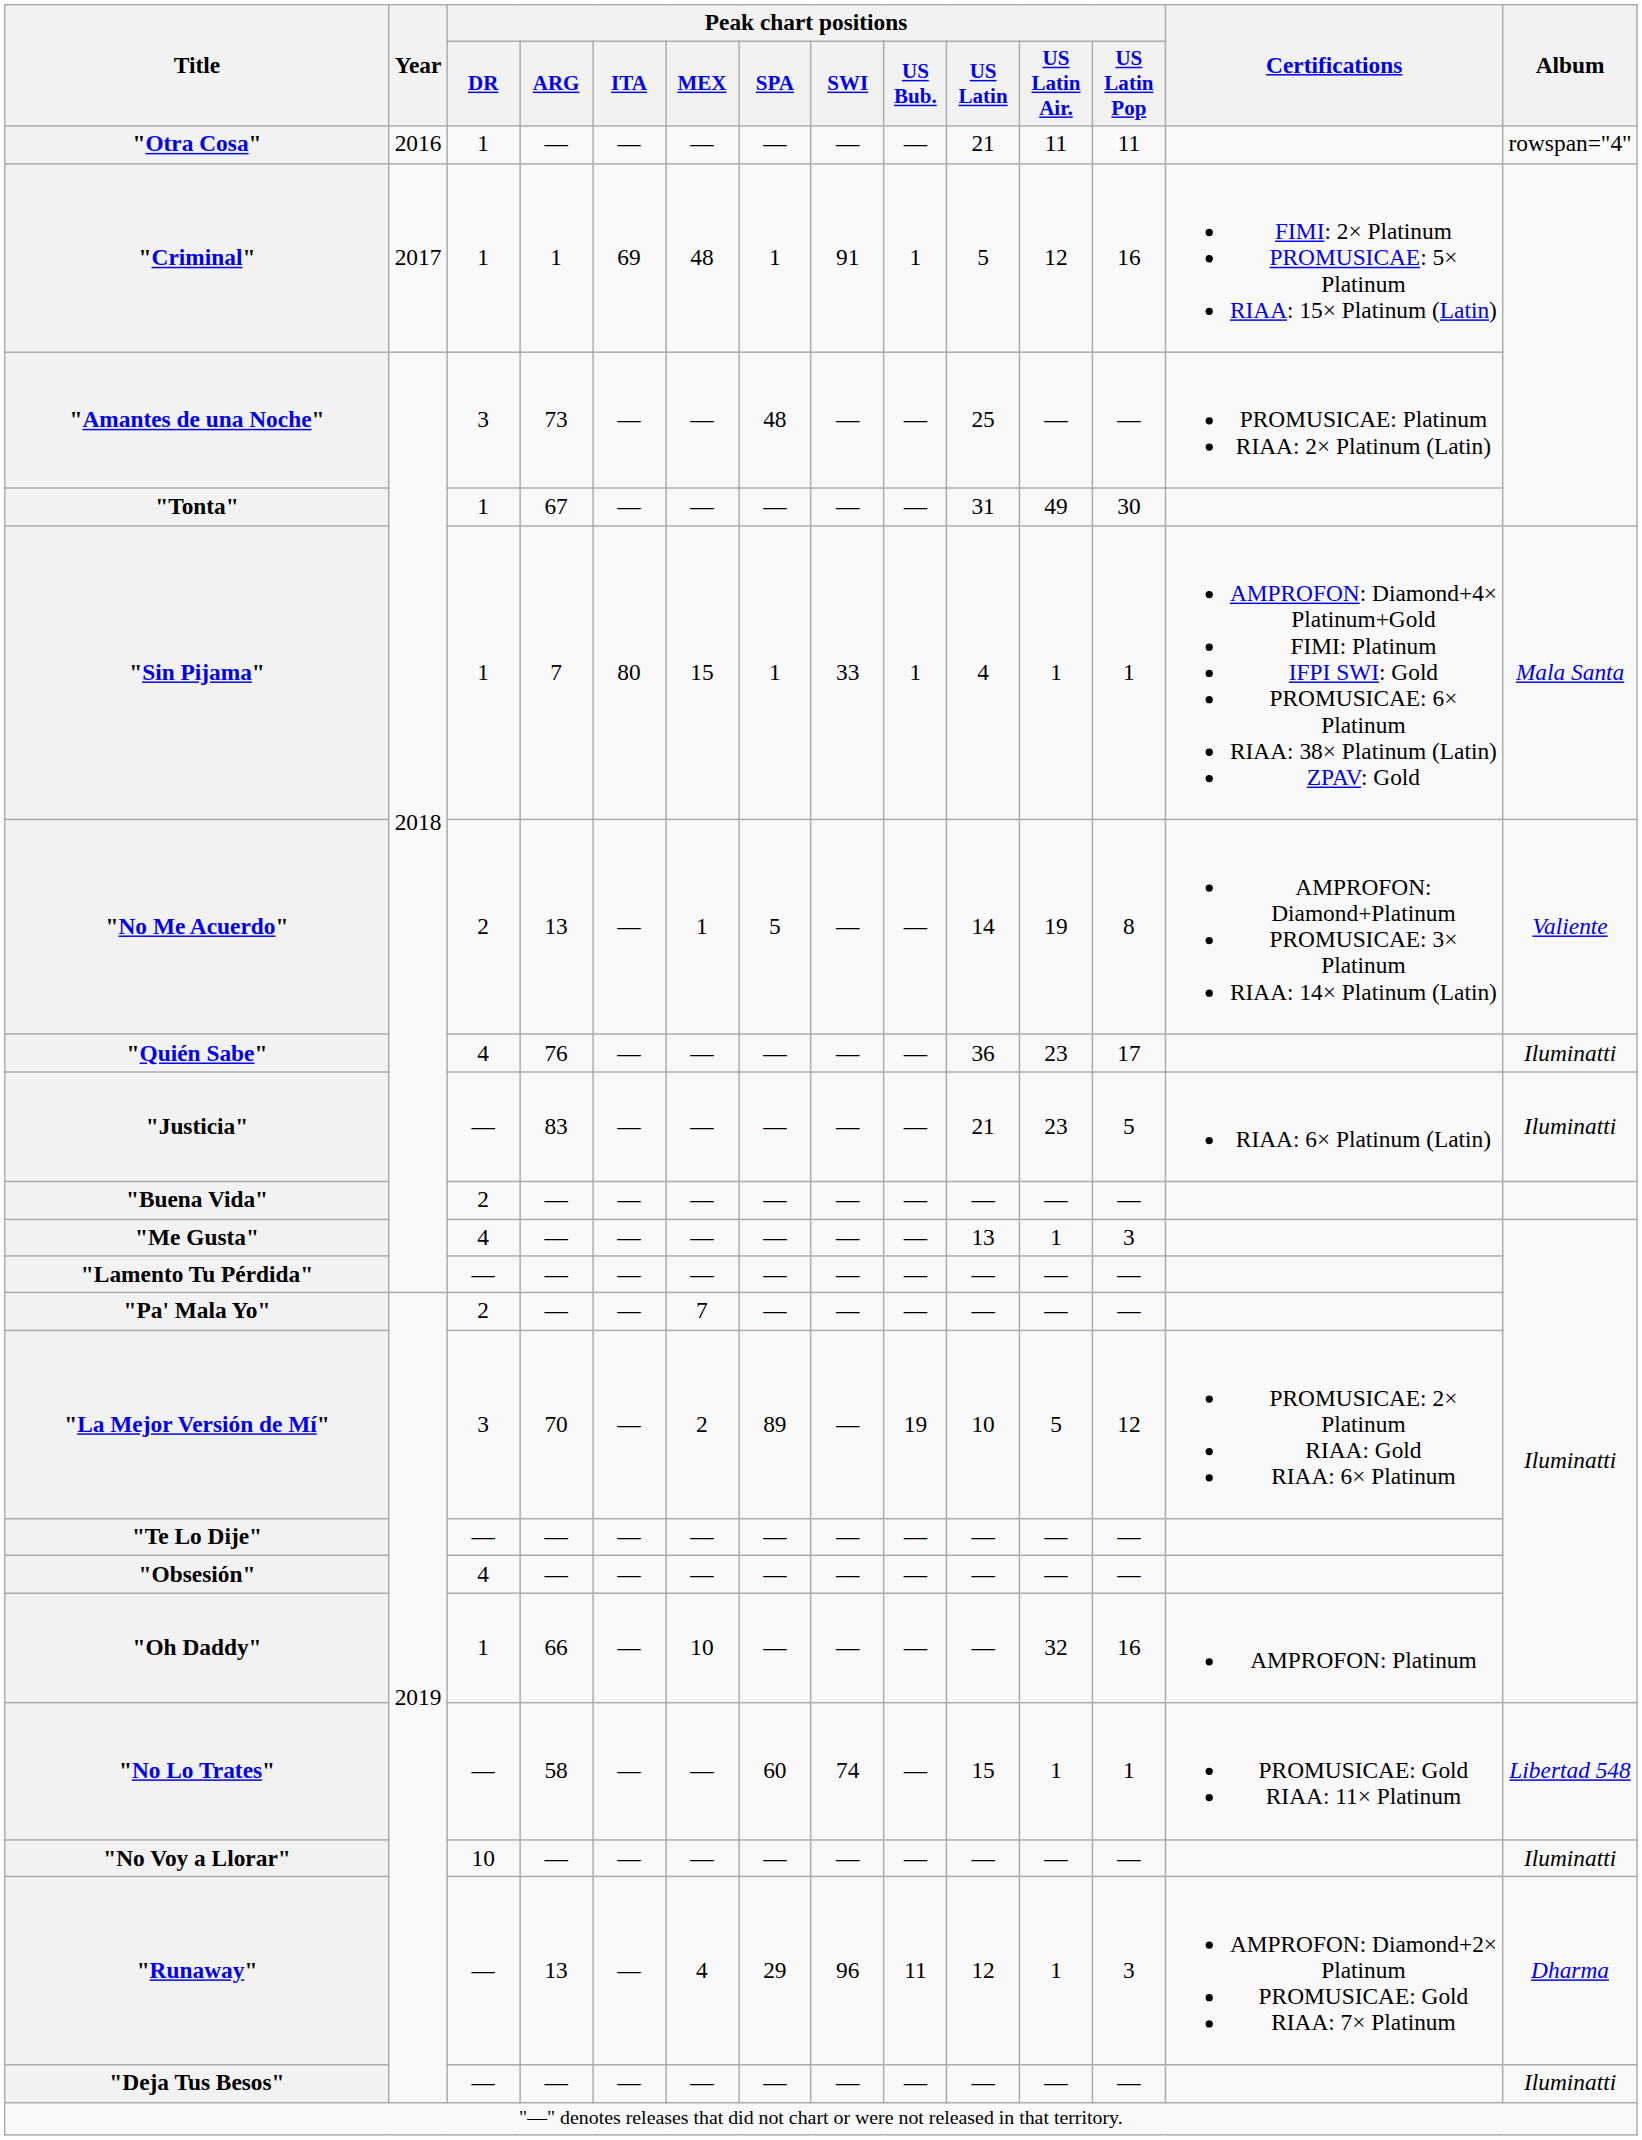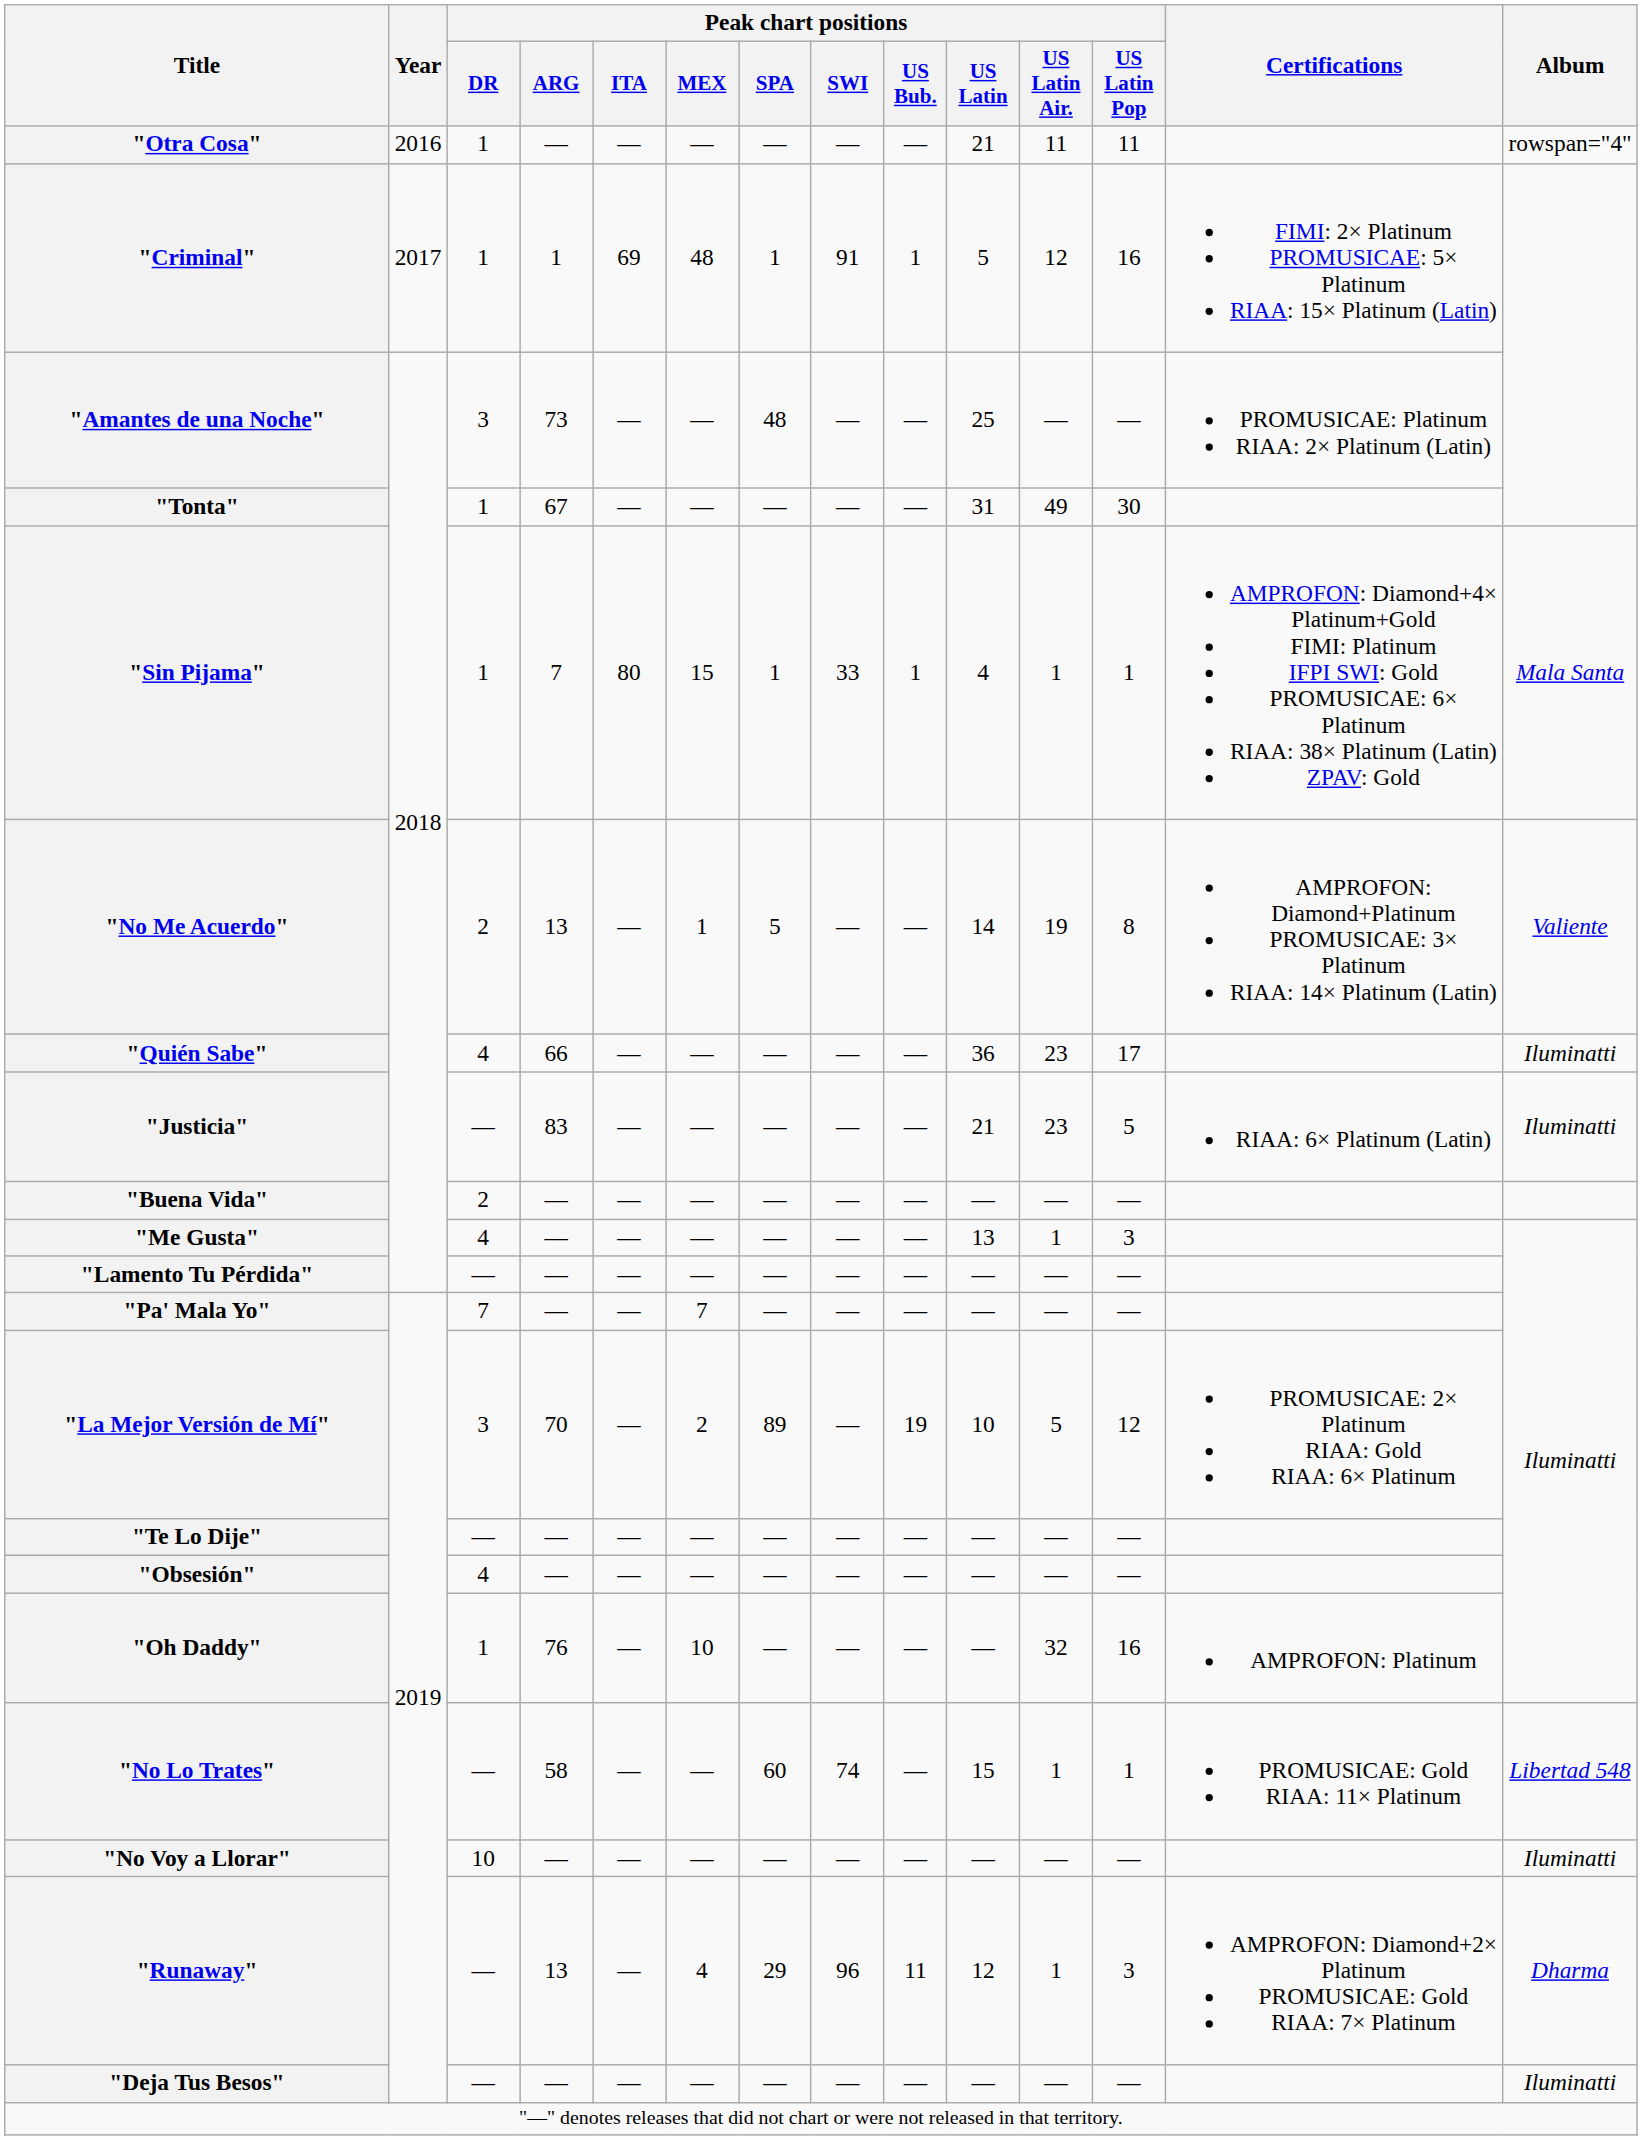 <table class="wikitable plainrowheaders" style="text-align:center;">
 <tr>
 <th scope="col" rowspan="2" style="width:16em;">Title</th>
 <th scope="col" rowspan="2" style="width:1em;">Year</th>
 <th scope="col" colspan="10">Peak chart positions</th>
 <th scope="col" rowspan="2" style="width:14em;"><a href='#'>Certifications</a></th>
 <th scope="col" rowspan="2">Album</th>
 </tr>
 <tr>
 <th scope="col" style="width:3em;font-size:90%;"><a href='#'>DR</a><br></th>
 <th scope="col" style="width:3em;font-size:90%;"><a href='#'>ARG</a><br></th>
 <th scope="col" style="width:3em;font-size:90%;"><a href='#'>ITA</a><br></th>
 <th scope="col" style="width:3em;font-size:90%;"><a href='#'>MEX</a><br></th>
 <th scope="col" style="width:3em;font-size:90%;"><a href='#'>SPA</a><br></th>
 <th scope="col" style="width:3em;font-size:90%;"><a href='#'>SWI</a><br></th>
 <th scope="col" style="width:2.5em;font-size:90%;"><a href='#'>US<br>Bub.</a><br></th>
 <th scope="col" style="width:3em;font-size:90%;"><a href='#'>US<br>Latin</a><br></th>
 <th scope="col" style="width:3em;font-size:90%;"><a href='#'>US<br>Latin<br>Air.</a><br></th>
 <th scope="col" style="width:3em;font-size:90%;"><a href='#'>US<br>Latin<br>Pop</a><br></th>
 </tr>
 <tr>
 <th scope="row">"<a href='#'>Otra Cosa</a>"<br></th>
 <td>2016</td>
 <td>1</td>
 <td>—</td>
 <td>—</td>
 <td>—</td>
 <td>—</td>
 <td>—</td>
 <td>—</td>
 <td>21</td>
 <td>11</td>
 <td>11</td>
 <td></td>
 <td>rowspan="4" </td>
 </tr>
 <tr>
 <th scope="row">"<a href='#'>Criminal</a>"<br></th>
 <td>2017</td>
 <td>1</td>
 <td>1</td>
 <td>69</td>
 <td>48</td>
 <td>1</td>
 <td>91</td>
 <td>1</td>
 <td>5</td>
 <td>12</td>
 <td>16</td>
 <td><br><ul><li><a href='#'>FIMI</a>: 2× Platinum</li><li><a href='#'>PROMUSICAE</a>: 5× Platinum</li><li><a href='#'>RIAA</a>: 15× Platinum <span>(<a href='#'>Latin</a>)</span></li></ul></td>
 </tr>
 <tr>
 <th scope="row">"<a href='#'>Amantes de una Noche</a>"<br></th>
 <td rowspan="9">2018</td>
 <td>3</td>
 <td>73</td>
 <td>—</td>
 <td>—</td>
 <td>48</td>
 <td>—</td>
 <td>—</td>
 <td>25</td>
 <td>—</td>
 <td>—</td>
 <td><br><ul><li>PROMUSICAE: Platinum</li><li>RIAA: 2× Platinum <span>(Latin)</span></li></ul></td>
 </tr>
 <tr>
 <th scope="row">"Tonta"<br></th>
 <td>1</td>
 <td>67</td>
 <td>—</td>
 <td>—</td>
 <td>—</td>
 <td>—</td>
 <td>—</td>
 <td>31</td>
 <td>49</td>
 <td>30</td>
 <td></td>
 </tr>
 <tr>
 <th scope="row">"<a href='#'>Sin Pijama</a>"<br></th>
 <td>1</td>
 <td>7</td>
 <td>80</td>
 <td>15</td>
 <td>1</td>
 <td>33</td>
 <td>1</td>
 <td>4</td>
 <td>1</td>
 <td>1</td>
 <td><br><ul><li><a href='#'>AMPROFON</a>: Diamond+4× Platinum+Gold</li><li>FIMI: Platinum</li><li><a href='#'>IFPI SWI</a>: Gold</li><li>PROMUSICAE: 6× Platinum</li><li>RIAA: 38× Platinum <span>(Latin)</span></li><li><a href='#'>ZPAV</a>: Gold</li></ul></td>
 <td><em><a href='#'>Mala Santa</a></em></td>
 </tr>
 <tr>
 <th scope="row">"<a href='#'>No Me Acuerdo</a>"<br></th>
 <td>2</td>
 <td>13</td>
 <td>—</td>
 <td>1</td>
 <td>5</td>
 <td>—</td>
 <td>—</td>
 <td>14</td>
 <td>19</td>
 <td>8</td>
 <td><br><ul><li>AMPROFON: Diamond+Platinum</li><li>PROMUSICAE: 3× Platinum</li><li>RIAA: 14× Platinum <span>(Latin)</span></li></ul></td>
 <td><em><a href='#'>Valiente</a></em></td>
 </tr>
 <tr>
 <th scope="row">"<a href='#'>Quién Sabe</a>"</th>
 <td>4</td>
-<td>76</td>
+<td>66</td>
 <td>—</td>
 <td>—</td>
 <td>—</td>
 <td>—</td>
 <td>—</td>
 <td>36</td>
 <td>23</td>
 <td>17</td>
 <td></td>
 <td><em>Iluminatti</em></td>
 </tr>
 <tr>
 <th scope="row">"Justicia"<br></th>
 <td>—</td>
 <td>83</td>
 <td>—</td>
 <td>—</td>
 <td>—</td>
 <td>—</td>
 <td>—</td>
 <td>21</td>
 <td>23</td>
 <td>5</td>
 <td><br><ul><li>RIAA: 6× Platinum <span>(Latin)</span></li></ul></td>
 <td><em>Iluminatti</em></td>
 </tr>
 <tr>
 <th scope="row">"Buena Vida"<br></th>
 <td>2</td>
 <td>—</td>
 <td>—</td>
 <td>—</td>
 <td>—</td>
 <td>—</td>
 <td>—</td>
 <td>—</td>
 <td>—</td>
 <td>—</td>
 <td></td>
 <td></td>
 </tr>
 <tr>
 <th scope="row">"Me Gusta"<br></th>
 <td>4</td>
 <td>—</td>
 <td>—</td>
 <td>—</td>
 <td>—</td>
 <td>—</td>
 <td>—</td>
 <td>13</td>
 <td>1</td>
 <td>3</td>
 <td></td>
 <td rowspan="7"><em>Iluminatti</em></td>
 </tr>
 <tr>
 <th scope="row">"Lamento Tu Pérdida"</th>
 <td>—</td>
 <td>—</td>
 <td>—</td>
 <td>—</td>
 <td>—</td>
 <td>—</td>
 <td>—</td>
 <td>—</td>
 <td>—</td>
 <td>—</td>
 <td></td>
 </tr>
 <tr>
 <th scope="row">"Pa' Mala Yo"</th>
 <td rowspan="9">2019</td>
-<td>2</td>
+<td>7</td>
 <td>—</td>
 <td>—</td>
 <td>7</td>
 <td>—</td>
 <td>—</td>
 <td>—</td>
 <td>—</td>
 <td>—</td>
 <td>—</td>
 <td></td>
 </tr>
 <tr>
 <th scope="row">"<a href='#'>La Mejor Versión de Mí</a>"<br></th>
 <td>3</td>
 <td>70</td>
 <td>—</td>
 <td>2</td>
 <td>89</td>
 <td>—</td>
 <td>19</td>
 <td>10</td>
 <td>5</td>
 <td>12</td>
 <td><br><ul><li>PROMUSICAE: 2× Platinum </li><li>RIAA: Gold </li><li>RIAA: 6× Platinum  </li></ul></td>
 </tr>
 <tr>
 <th scope="row">"Te Lo Dije"<br></th>
 <td>—</td>
 <td>—</td>
 <td>—</td>
 <td>—</td>
 <td>—</td>
 <td>—</td>
 <td>—</td>
 <td>—</td>
 <td>—</td>
 <td>—</td>
 <td></td>
 </tr>
 <tr>
 <th scope="row">"Obsesión"</th>
 <td>4</td>
 <td>—</td>
 <td>—</td>
 <td>—</td>
 <td>—</td>
 <td>—</td>
 <td>—</td>
 <td>—</td>
 <td>—</td>
 <td>—</td>
 <td></td>
 </tr>
 <tr>
 <th scope="row">"Oh Daddy"</th>
 <td>1</td>
-<td>66</td>
+<td>76</td>
 <td>—</td>
 <td>10</td>
 <td>—</td>
 <td>—</td>
 <td>—</td>
 <td>—</td>
 <td>32</td>
 <td>16</td>
 <td><br><ul><li>AMPROFON: Platinum</li></ul></td>
 </tr>
 <tr>
 <th scope="row">"<a href='#'>No Lo Trates</a>"<br></th>
 <td>—</td>
 <td>58</td>
 <td>—</td>
 <td>—</td>
 <td>60</td>
 <td>74</td>
 <td>—</td>
 <td>15</td>
 <td>1</td>
 <td>1</td>
 <td><br><ul><li>PROMUSICAE: Gold</li><li>RIAA: 11× Platinum </li></ul></td>
 <td><em><a href='#'>Libertad 548</a></em></td>
 </tr>
 <tr>
 <th scope="row">"No Voy a Llorar"</th>
 <td>10</td>
 <td>—</td>
 <td>—</td>
 <td>—</td>
 <td>—</td>
 <td>—</td>
 <td>—</td>
 <td>—</td>
 <td>—</td>
 <td>—</td>
 <td></td>
 <td><em>Iluminatti</em></td>
 </tr>
 <tr>
 <th scope="row">"<a href='#'>Runaway</a>"<br></th>
 <td>—</td>
 <td>13</td>
 <td>—</td>
 <td>4</td>
 <td>29</td>
 <td>96</td>
 <td>11</td>
 <td>12</td>
 <td>1</td>
 <td>3</td>
 <td><br><ul><li>AMPROFON: Diamond+2× Platinum</li><li>PROMUSICAE: Gold</li><li>RIAA: 7× Platinum </li></ul></td>
 <td><em><a href='#'>Dharma</a></em></td>
 </tr>
 <tr>
 <th scope="row">"Deja Tus Besos"<br></th>
 <td>—</td>
 <td>—</td>
 <td>—</td>
 <td>—</td>
 <td>—</td>
 <td>—</td>
 <td>—</td>
 <td>—</td>
 <td>—</td>
 <td>—</td>
 <td></td>
 <td><em>Iluminatti</em></td>
 </tr>
 <tr>
 <td colspan="14" style="text-align:center; font-size:85%;">"—" denotes releases that did not chart or were not released in that territory.</td>
 </tr>
 </table>
